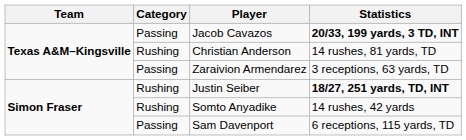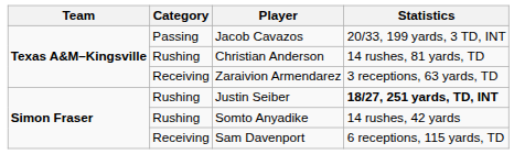 <table class="wikitable" style="float: right;">
 <tr>
 <th>Team</th>
 <th>Category</th>
 <th>Player</th>
 <th>Statistics</th>
 </tr>
 <tr>
 <td rowspan=3><strong>Texas A&M–Kingsville</strong></td>
 <td>Passing</td>
 <td>Jacob Cavazos</td>
-<td><strong>20/33, 199 yards, 3 TD, INT</strong></td>
+<td>20/33, 199 yards, 3 TD, INT</td>
 </tr>
 <tr>
 <td>Rushing</td>
 <td>Christian Anderson</td>
 <td>14 rushes, 81 yards, TD</td>
 </tr>
 <tr>
-<td>Passing</td>
+<td>Receiving</td>
 <td>Zaraivion Armendarez</td>
 <td>3 receptions, 63 yards, TD</td>
 </tr>
 <tr>
 <td rowspan=3><strong>Simon Fraser</strong></td>
 <td>Rushing</td>
 <td>Justin Seiber</td>
 <td><strong>18/27, 251 yards, TD, INT</strong></td>
 </tr>
 <tr>
 <td>Rushing</td>
 <td>Somto Anyadike</td>
 <td>14 rushes, 42 yards</td>
 </tr>
 <tr>
-<td>Passing</td>
+<td>Receiving</td>
 <td>Sam Davenport</td>
 <td>6 receptions, 115 yards, TD</td>
 </tr>
 </table>
